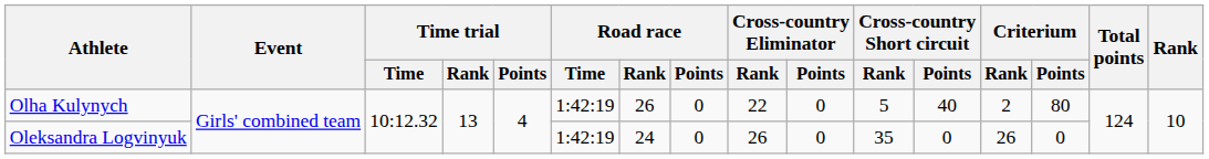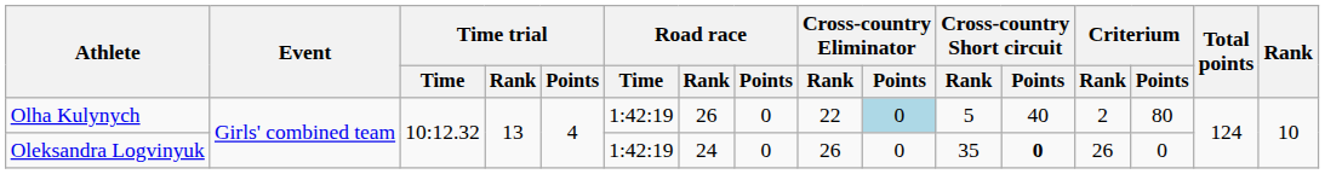 <table class="wikitable" style="font-size:90%;">
 <tr>
 <th rowspan=2>Athlete</th>
 <th rowspan=2>Event</th>
 <th colspan=3>Time trial</th>
 <th colspan=3>Road race</th>
 <th colspan=2>Cross-country<br>Eliminator</th>
 <th colspan=2>Cross-country<br>Short circuit</th>
 <th colspan=2>Criterium</th>
 <th rowspan=2>Total<br>points</th>
 <th rowspan=2>Rank</th>
 </tr>
 <tr style="font-size:95%">
 <th>Time</th>
 <th>Rank</th>
 <th>Points</th>
 <th>Time</th>
 <th>Rank</th>
 <th>Points</th>
 <th>Rank</th>
 <th>Points</th>
 <th>Rank</th>
 <th>Points</th>
 <th>Rank</th>
 <th>Points</th>
 </tr>
 <tr align=center>
 <td align=left><a href='#'>Olha Kulynych</a></td>
 <td rowspan=2 align=left><a href='#'>Girls' combined team</a></td>
 <td rowspan=2>10:12.32</td>
 <td rowspan=2>13</td>
 <td rowspan=2>4</td>
 <td>1:42:19</td>
 <td>26</td>
 <td>0</td>
 <td>22</td>
-<td>0</td>
+<td style="background: lightblue;">0</td>
 <td>5</td>
 <td>40</td>
 <td>2</td>
 <td>80</td>
 <td rowspan=2>124</td>
 <td rowspan=2>10</td>
 </tr>
 <tr align=center>
 <td align=left><a href='#'>Oleksandra Logvinyuk</a></td>
 <td>1:42:19</td>
 <td>24</td>
 <td>0</td>
 <td>26</td>
 <td>0</td>
 <td>35</td>
-<td>0</td>
+<td><strong>0</strong></td>
 <td>26</td>
 <td>0</td>
 </tr>
 </table>
